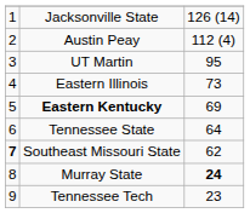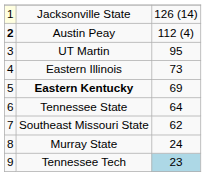 <table class="wikitable" style="display: inline-table;">
 <tr align="center">
 </tr>
 <tr align="center">
-<td>1</td>
+<td style="background: lightyellow;">1</td>
 <td>Jacksonville State</td>
 <td>126 (14)</td>
 </tr>
 <tr align="center">
-<td>2</td>
+<td><strong>2</strong></td>
 <td>Austin Peay</td>
 <td>112 (4)</td>
 </tr>
 <tr align="center">
 <td>3</td>
 <td>UT Martin</td>
 <td>95</td>
 </tr>
 <tr align="center">
 <td>4</td>
 <td>Eastern Illinois</td>
 <td>73</td>
 </tr>
 <tr align="center">
 <td>5</td>
 <td><strong>Eastern Kentucky</strong></td>
 <td>69</td>
 </tr>
 <tr align="center">
 <td>6</td>
 <td>Tennessee State</td>
 <td>64</td>
 </tr>
 <tr align="center">
-<td><strong>7</strong></td>
+<td>7</td>
 <td>Southeast Missouri State</td>
 <td>62</td>
 </tr>
 <tr align="center">
 <td>8</td>
 <td>Murray State</td>
-<td><strong>24</strong></td>
+<td>24</td>
 </tr>
 <tr align="center">
 <td>9</td>
 <td>Tennessee Tech</td>
-<td>23</td>
+<td style="background: lightblue;">23</td>
 </tr>
 </table>
